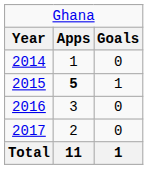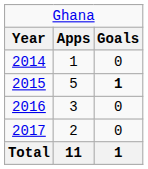 <table class="wikitable" style="text-align:center">
 <tr>
 <td colspan=3><a href='#'>Ghana</a></td>
 </tr>
 <tr>
 <th>Year</th>
 <th>Apps</th>
 <th>Goals</th>
 </tr>
 <tr>
 <td><a href='#'>2014</a></td>
 <td>1</td>
 <td>0</td>
 </tr>
 <tr>
 <td><a href='#'>2015</a></td>
-<td><strong>5</strong></td>
-<td>1</td>
+<td>5</td>
+<td><strong>1</strong></td>
 </tr>
 <tr>
 <td><a href='#'>2016</a></td>
 <td>3</td>
 <td>0</td>
 </tr>
 <tr>
 <td><a href='#'>2017</a></td>
 <td>2</td>
 <td>0</td>
 </tr>
 <tr>
 <th>Total</th>
 <th>11</th>
 <th>1</th>
 </tr>
 </table>
